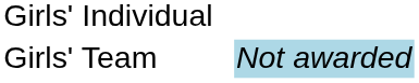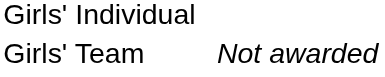 <table>
 <tr>
 <td>Girls' Individual</td>
 <td></td>
 <td></td>
 <td></td>
 </tr>
 <tr>
 <td>Girls' Team</td>
 <td></td>
 <td></td>
-<td style="background: lightblue;"><em>Not awarded</em></td>
+<td><em>Not awarded</em></td>
 </tr>
 </table>
